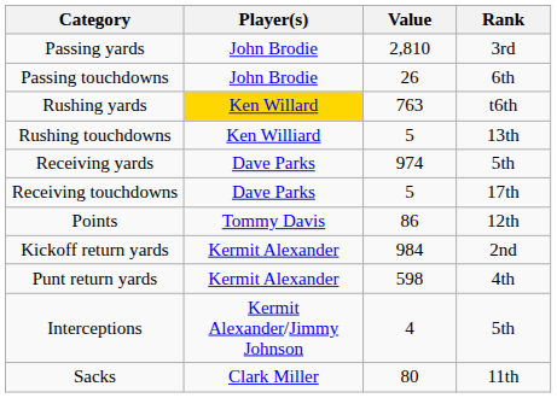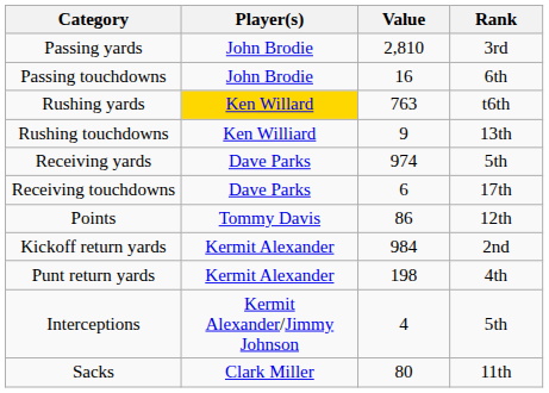 <table class="wikitable" style="text-align:center">
 <tr>
 <th width=150px>Category</th>
 <th width=150px>Player(s)</th>
 <th width=75px>Value</th>
 <th width=75px>Rank</th>
 </tr>
 <tr>
 <td>Passing yards</td>
 <td><a href='#'>John Brodie</a></td>
 <td>2,810</td>
 <td>3rd</td>
 </tr>
 <tr>
 <td>Passing touchdowns</td>
 <td><a href='#'>John Brodie</a></td>
-<td>26</td>
+<td>16</td>
 <td>6th</td>
 </tr>
 <tr>
 <td>Rushing yards</td>
 <td style="background: gold;"><a href='#'>Ken Willard</a></td>
 <td>763</td>
 <td>t6th</td>
 </tr>
 <tr>
 <td>Rushing touchdowns</td>
 <td><a href='#'>Ken Williard</a></td>
-<td>5</td>
+<td>9</td>
 <td>13th</td>
 </tr>
 <tr>
 <td>Receiving yards</td>
 <td><a href='#'>Dave Parks</a></td>
 <td>974</td>
 <td>5th</td>
 </tr>
 <tr>
 <td>Receiving touchdowns</td>
 <td><a href='#'>Dave Parks</a></td>
-<td>5</td>
+<td>6</td>
 <td>17th</td>
 </tr>
 <tr>
 <td>Points</td>
 <td><a href='#'>Tommy Davis</a></td>
 <td>86</td>
 <td>12th</td>
 </tr>
 <tr>
 <td>Kickoff return yards</td>
 <td><a href='#'>Kermit Alexander</a></td>
 <td>984</td>
 <td>2nd</td>
 </tr>
 <tr>
 <td>Punt return yards</td>
 <td><a href='#'>Kermit Alexander</a></td>
-<td>598</td>
+<td>198</td>
 <td>4th</td>
 </tr>
 <tr>
 <td>Interceptions</td>
 <td><a href='#'>Kermit Alexander</a>/<a href='#'>Jimmy Johnson</a></td>
 <td>4</td>
 <td>5th</td>
 </tr>
 <tr>
 <td>Sacks</td>
 <td><a href='#'>Clark Miller</a></td>
 <td>80</td>
 <td>11th</td>
 </tr>
 </table>
